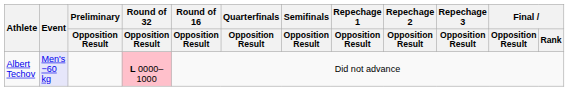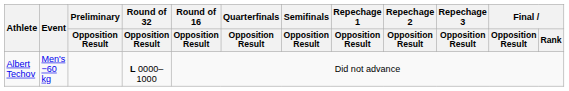 <table class="wikitable" style="font-size:90%">
 <tr>
 <th rowspan="2">Athlete</th>
 <th rowspan="2">Event</th>
 <th>Preliminary</th>
 <th>Round of 32</th>
 <th>Round of 16</th>
 <th>Quarterfinals</th>
 <th>Semifinals</th>
 <th>Repechage 1</th>
 <th>Repechage 2</th>
 <th>Repechage 3</th>
 <th colspan=2>Final / </th>
 </tr>
 <tr style="font-size:95%">
 <th>Opposition<br>Result</th>
 <th>Opposition<br>Result</th>
 <th>Opposition<br>Result</th>
 <th>Opposition<br>Result</th>
 <th>Opposition<br>Result</th>
 <th>Opposition<br>Result</th>
 <th>Opposition<br>Result</th>
 <th>Opposition<br>Result</th>
 <th>Opposition<br>Result</th>
 <th>Rank</th>
 </tr>
 <tr align=center>
 <td align=left><a href='#'>Albert Techov</a></td>
-<td align=left style="background: lavender;"><a href='#'>Men's −60 kg</a></td>
+<td align=left><a href='#'>Men's −60 kg</a></td>
 <td></td>
-<td style="background: pink;"><br><strong>L</strong> 0000–1000</td>
+<td><br><strong>L</strong> 0000–1000</td>
 <td colspan=8>Did not advance</td>
 </tr>
 </table>
